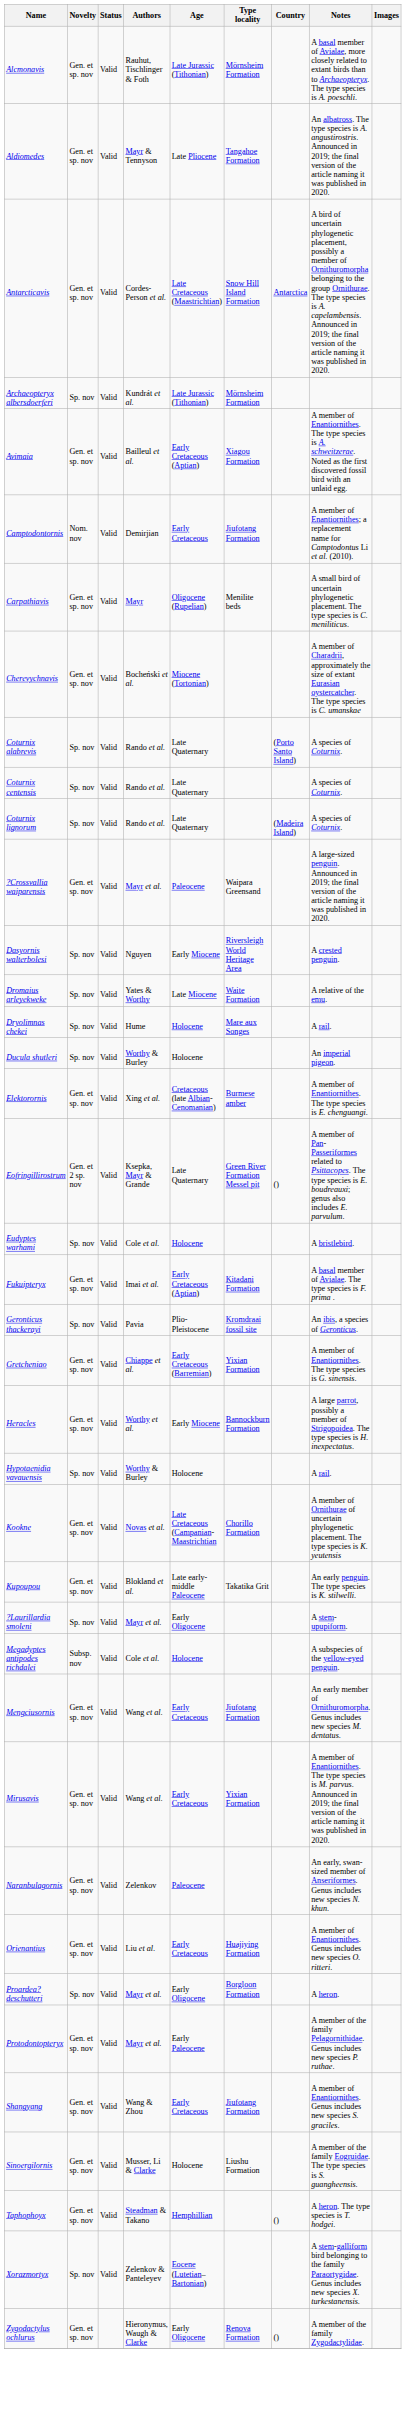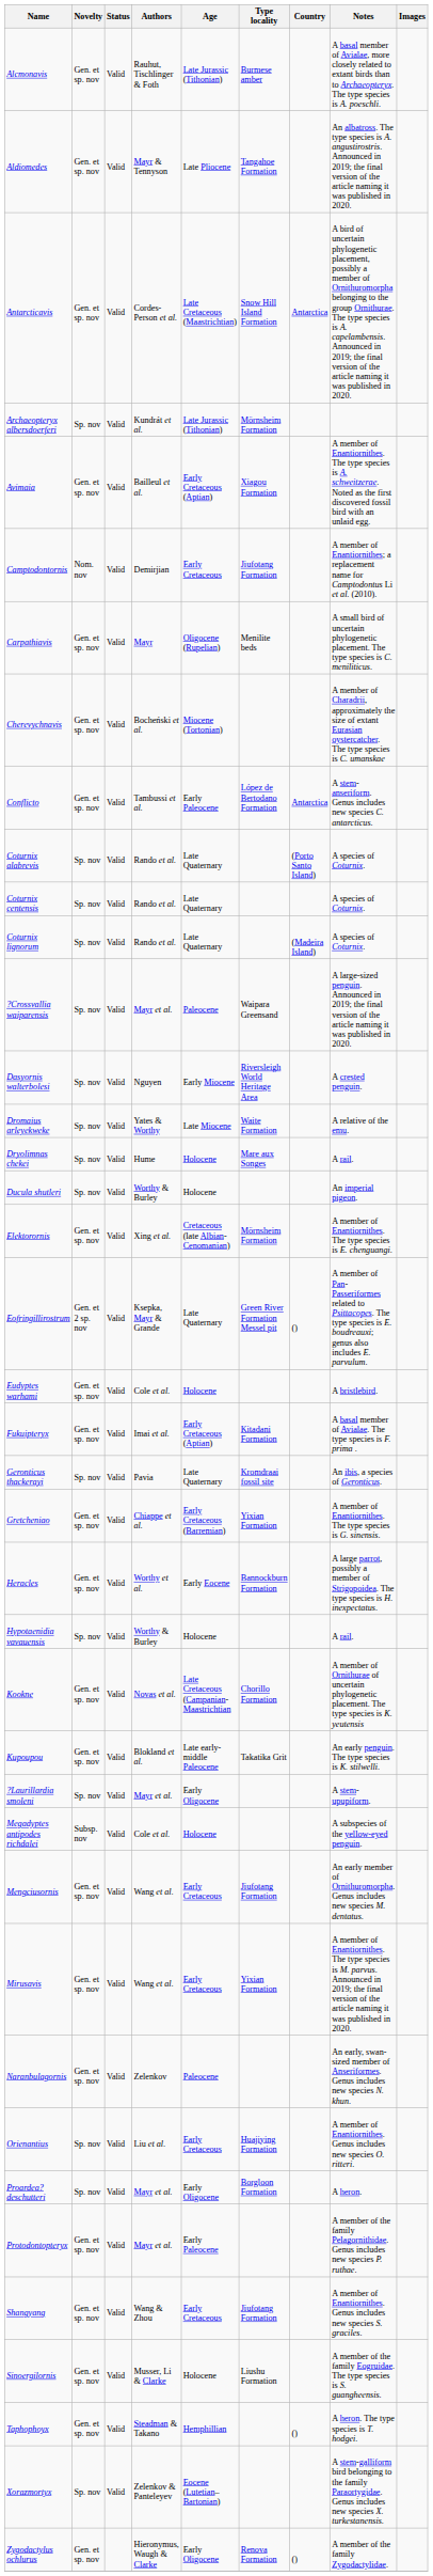 <table class="wikitable sortable" align="center" width="100%">
 <tr>
 <th>Name</th>
 <th>Novelty</th>
 <th>Status</th>
 <th>Authors</th>
 <th>Age</th>
 <th>Type locality</th>
 <th>Country</th>
 <th>Notes</th>
 <th>Images</th>
 </tr>
 <tr>
 <td><br><em><a href='#'>Alcmonavis</a></em></td>
 <td><br>Gen. et sp. nov</td>
 <td><br>Valid</td>
 <td><br>Rauhut, Tischlinger & Foth</td>
 <td><br><a href='#'>Late Jurassic</a> (<a href='#'>Tithonian</a>)</td>
-<td><br><a href='#'>Mörnsheim Formation</a></td>
+<td><br><a href='#'>Burmese amber</a></td>
 <td><br></td>
 <td><br>A <a href='#'>basal</a> member of <a href='#'>Avialae</a>, more closely related to extant birds than to <em><a href='#'>Archaeopteryx</a></em>. The type species is <em>A. poeschli</em>.</td>
 <td></td>
 </tr>
 <tr>
 <td><br><em><a href='#'>Aldiomedes</a></em></td>
 <td><br>Gen. et sp. nov</td>
 <td><br>Valid</td>
 <td><br><a href='#'>Mayr</a> & Tennyson</td>
 <td><br>Late <a href='#'>Pliocene</a></td>
 <td><br><a href='#'>Tangahoe Formation</a></td>
 <td><br></td>
 <td><br>An <a href='#'>albatross</a>. The type species is <em>A. angustirostris</em>. Announced in 2019; the final version of the article naming it was published in 2020.</td>
 <td></td>
 </tr>
 <tr>
 <td><br><em><a href='#'>Antarcticavis</a></em></td>
 <td><br>Gen. et sp. nov</td>
 <td><br>Valid</td>
 <td><br>Cordes-Person <em>et al.</em></td>
 <td><br><a href='#'>Late Cretaceous</a> (<a href='#'>Maastrichtian</a>)</td>
 <td><br><a href='#'>Snow Hill Island Formation</a></td>
 <td><br><a href='#'>Antarctica</a></td>
 <td><br>A bird of uncertain phylogenetic placement, possibly a member of <a href='#'>Ornithuromorpha</a> belonging to the group <a href='#'>Ornithurae</a>. The type species is <em>A. capelambensis</em>. Announced in 2019; the final version of the article naming it was published in 2020.</td>
 <td></td>
 </tr>
 <tr>
 <td><br><em><a href='#'>Archaeopteryx albersdoerferi</a></em></td>
 <td><br>Sp. nov</td>
 <td><br>Valid</td>
 <td><br>Kundrát <em>et al.</em></td>
 <td><br><a href='#'>Late Jurassic</a> (<a href='#'>Tithonian</a>)</td>
 <td><br><a href='#'>Mörnsheim Formation</a></td>
 <td><br></td>
 <td></td>
 <td></td>
 </tr>
 <tr>
 <td><br><em><a href='#'>Avimaia</a></em></td>
 <td><br>Gen. et sp. nov</td>
 <td><br>Valid</td>
 <td><br>Bailleul <em>et al.</em></td>
 <td><br><a href='#'>Early Cretaceous</a> (<a href='#'>Aptian</a>)</td>
 <td><br><a href='#'>Xiagou Formation</a></td>
 <td></td>
 <td>A member of <a href='#'>Enantiornithes</a>. The type species is <em><a href='#'>A. schweitzerae</a></em>. Noted as the first discovered fossil bird with an unlaid egg.</td>
 <td></td>
 </tr>
 <tr>
 <td><br><em><a href='#'>Camptodontornis</a></em></td>
 <td><br>Nom. nov</td>
 <td><br>Valid</td>
 <td><br>Demirjian</td>
 <td><br><a href='#'>Early Cretaceous</a></td>
 <td><br><a href='#'>Jiufotang Formation</a></td>
 <td><br></td>
 <td><br>A member of <a href='#'>Enantiornithes</a>; a replacement name for <em>Camptodontus</em> Li <em>et al.</em> (2010).</td>
 <td></td>
 </tr>
 <tr>
 <td><br><em><a href='#'>Carpathiavis</a></em></td>
 <td><br>Gen. et sp. nov</td>
 <td><br>Valid</td>
 <td><br><a href='#'>Mayr</a></td>
 <td><br><a href='#'>Oligocene</a> (<a href='#'>Rupelian</a>)</td>
 <td><br>Menilite beds</td>
 <td><br></td>
 <td><br>A small bird of uncertain phylogenetic placement. The type species is <em>C. meniliticus</em>.</td>
 <td></td>
 </tr>
 <tr>
 <td><br><em><a href='#'>Cherevychnavis</a></em></td>
 <td><br>Gen. et sp. nov</td>
 <td><br>Valid</td>
 <td><br>Bocheński <em>et al.</em></td>
 <td><br><a href='#'>Miocene</a> (<a href='#'>Tortonian</a>)</td>
 <td></td>
 <td><br></td>
 <td><br>A member of <a href='#'>Charadrii</a>, approximately the size of extant <a href='#'>Eurasian oystercatcher</a>. The type species is <em>C. umanskae</em></td>
 <td></td>
 </tr>
 <tr>
+<td><br><em><a href='#'>Conflicto</a></em></td>
+<td><br>Gen. et sp. nov</td>
+<td><br>Valid</td>
+<td><br>Tambussi <em>et al.</em></td>
+<td><br>Early <a href='#'>Paleocene</a></td>
+<td><a href='#'>López de Bertodano Formation</a></td>
+<td><br><a href='#'>Antarctica</a></td>
+<td><br>A <a href='#'>stem</a>-<a href='#'>anseriform</a>. Genus includes new species <em>C. antarcticus</em>.</td>
+<td></td>
+</tr>
+<tr>
 <td><br><em><a href='#'>Coturnix alabrevis</a></em></td>
 <td><br>Sp. nov</td>
 <td><br>Valid</td>
 <td><br>Rando <em>et al.</em></td>
 <td><br>Late Quaternary</td>
 <td></td>
 <td><br><br>(<a href='#'>Porto Santo Island</a>)</td>
 <td><br>A species of <em><a href='#'>Coturnix</a></em>.</td>
 <td></td>
 </tr>
 <tr>
 <td><br><em><a href='#'>Coturnix centensis</a></em></td>
 <td><br>Sp. nov</td>
 <td><br>Valid</td>
 <td><br>Rando <em>et al.</em></td>
 <td><br>Late Quaternary</td>
 <td></td>
 <td><br></td>
 <td><br>A species of <em><a href='#'>Coturnix</a></em>.</td>
 <td></td>
 </tr>
 <tr>
 <td><br><em><a href='#'>Coturnix lignorum</a></em></td>
 <td><br>Sp. nov</td>
 <td><br>Valid</td>
 <td><br>Rando <em>et al.</em></td>
 <td><br>Late Quaternary</td>
 <td></td>
 <td><br><br>(<a href='#'>Madeira Island</a>)</td>
 <td><br>A species of <em><a href='#'>Coturnix</a></em>.</td>
 <td></td>
 </tr>
 <tr>
 <td><br><em><a href='#'>?Crossvallia waiparensis</a></em></td>
-<td><br>Gen. et sp. nov</td>
+<td><br>Sp. nov</td>
 <td><br>Valid</td>
 <td><br><a href='#'>Mayr</a> <em>et al.</em></td>
 <td><br><a href='#'>Paleocene</a></td>
 <td><br>Waipara Greensand</td>
 <td><br></td>
 <td><br>A large-sized <a href='#'>penguin</a>. Announced in 2019; the final version of the article naming it was published in 2020.</td>
 <td></td>
 </tr>
 <tr>
 <td><br><em><a href='#'>Dasyornis walterbolesi</a></em></td>
 <td><br>Sp. nov</td>
 <td><br>Valid</td>
 <td><br>Nguyen</td>
 <td><br>Early <a href='#'>Miocene</a></td>
 <td><br><a href='#'>Riversleigh World Heritage Area</a></td>
 <td><br></td>
 <td><br>A <a href='#'>crested penguin</a>.</td>
 <td></td>
 </tr>
 <tr>
 <td><br><em><a href='#'>Dromaius arleyekweke</a></em></td>
 <td><br>Sp. nov</td>
 <td><br>Valid</td>
 <td><br>Yates & <a href='#'>Worthy</a></td>
 <td><br>Late <a href='#'>Miocene</a></td>
 <td><br><a href='#'>Waite Formation</a></td>
 <td><br></td>
 <td><br>A relative of the <a href='#'>emu</a>.</td>
 <td></td>
 </tr>
 <tr>
 <td><br><em><a href='#'>Dryolimnas chekei</a></em></td>
 <td><br>Sp. nov</td>
 <td><br>Valid</td>
 <td><br>Hume</td>
 <td><br><a href='#'>Holocene</a></td>
 <td><br><a href='#'>Mare aux Songes</a></td>
 <td><br></td>
 <td><br>A <a href='#'>rail</a>.</td>
 <td></td>
 </tr>
 <tr>
 <td><br><em><a href='#'>Ducula shutleri</a></em></td>
 <td><br>Sp. nov</td>
 <td><br>Valid</td>
 <td><br><a href='#'>Worthy</a> & Burley</td>
 <td><br>Holocene</td>
 <td></td>
 <td><br></td>
 <td><br>An <a href='#'>imperial pigeon</a>.</td>
 <td></td>
 </tr>
 <tr>
 <td><br><em><a href='#'>Elektorornis</a></em></td>
 <td><br>Gen. et sp. nov</td>
 <td><br>Valid</td>
 <td><br>Xing <em>et al.</em></td>
 <td><br><a href='#'>Cretaceous</a> (late <a href='#'>Albian</a>-<a href='#'>Cenomanian</a>)</td>
-<td><br><a href='#'>Burmese amber</a></td>
+<td><br><a href='#'>Mörnsheim Formation</a></td>
 <td><br></td>
 <td><br>A member of <a href='#'>Enantiornithes</a>. The type species is <em>E. chenguangi</em>.</td>
 <td></td>
 </tr>
 <tr>
 <td><br><em><a href='#'>Eofringillirostrum</a></em></td>
 <td><br>Gen. et 2 sp. nov</td>
 <td><br>Valid</td>
 <td><br>Ksepka, <a href='#'>Mayr</a> & Grande</td>
 <td><br>Late Quaternary</td>
 <td><br><a href='#'>Green River Formation</a><br> <a href='#'>Messel pit</a></td>
 <td><br><br> <br>()</td>
 <td><br>A member of <a href='#'>Pan</a>-<a href='#'>Passeriformes</a> related to <em><a href='#'>Psittacopes</a></em>. The type species is <em>E. boudreauxi</em>; genus also includes <em>E. parvulum</em>.</td>
 <td></td>
 </tr>
 <tr>
 <td><br><em><a href='#'>Eudyptes warhami</a></em></td>
-<td><br>Sp. nov</td>
+<td><br>Gen. et sp. nov</td>
 <td><br>Valid</td>
 <td><br>Cole <em>et al.</em></td>
 <td><br><a href='#'>Holocene</a></td>
 <td></td>
 <td><br></td>
 <td><br>A <a href='#'>bristlebird</a>.</td>
 <td></td>
 </tr>
 <tr>
 <td><br><em><a href='#'>Fukuipteryx</a></em></td>
 <td><br>Gen. et sp. nov</td>
 <td><br>Valid</td>
 <td><br>Imai <em>et al.</em></td>
 <td><br><a href='#'>Early Cretaceous</a> (<a href='#'>Aptian</a>)</td>
 <td><br><a href='#'>Kitadani Formation</a></td>
 <td><br></td>
 <td><br>A <a href='#'>basal</a> member of <a href='#'>Avialae</a>. The type species is <em>F. prima </em>.</td>
 <td></td>
 </tr>
 <tr>
 <td><br><em><a href='#'>Geronticus thackerayi</a></em></td>
 <td><br>Sp. nov</td>
 <td><br>Valid</td>
 <td><br>Pavia</td>
-<td><br>Plio-Pleistocene</td>
+<td><br>Late Quaternary</td>
 <td><br><a href='#'>Kromdraai fossil site</a></td>
 <td><br></td>
 <td><br>An <a href='#'>ibis</a>, a species of <em><a href='#'>Geronticus</a></em>.</td>
 <td></td>
 </tr>
 <tr>
 <td><br><em><a href='#'>Gretcheniao</a></em></td>
 <td><br>Gen. et sp. nov</td>
 <td><br>Valid</td>
 <td><br><a href='#'>Chiappe</a> <em>et al.</em></td>
 <td><br><a href='#'>Early Cretaceous</a> (<a href='#'>Barremian</a>)</td>
 <td><br><a href='#'>Yixian Formation</a></td>
 <td><br></td>
 <td><br>A member of <a href='#'>Enantiornithes</a>. The type species is <em>G. sinensis</em>.</td>
 <td></td>
 </tr>
 <tr>
 <td><br><em><a href='#'>Heracles</a></em></td>
 <td><br>Gen. et sp. nov</td>
 <td><br>Valid</td>
 <td><br><a href='#'>Worthy</a> <em>et al.</em></td>
-<td><br>Early <a href='#'>Miocene</a></td>
+<td><br>Early <a href='#'>Eocene</a></td>
 <td><br><a href='#'>Bannockburn Formation</a></td>
 <td><br></td>
 <td><br>A large <a href='#'>parrot</a>, possibly a member of <a href='#'>Strigopoidea</a>. The type species is <em>H. inexpectatus</em>.</td>
 <td></td>
 </tr>
 <tr>
 <td><br><em><a href='#'>Hypotaenidia vavauensis</a></em></td>
 <td><br>Sp. nov</td>
 <td><br>Valid</td>
 <td><br><a href='#'>Worthy</a> & Burley</td>
 <td><br>Holocene</td>
 <td></td>
 <td><br></td>
 <td><br>A <a href='#'>rail</a>.</td>
 <td></td>
 </tr>
 <tr>
 <td><br><em><a href='#'>Kookne</a></em></td>
 <td><br>Gen. et sp. nov</td>
 <td><br>Valid</td>
 <td><br><a href='#'>Novas</a> <em>et al.</em></td>
 <td><br><a href='#'>Late Cretaceous</a> (<a href='#'>Campanian</a>-<a href='#'>Maastrichtian</a></td>
 <td><br><a href='#'>Chorillo Formation</a></td>
 <td><br></td>
 <td><br>A member of <a href='#'>Ornithurae</a> of uncertain phylogenetic placement. The type species is <em>K. yeutensis</em></td>
 <td></td>
 </tr>
 <tr>
 <td><br><em><a href='#'>Kupoupou</a></em></td>
 <td><br>Gen. et sp. nov</td>
 <td><br>Valid</td>
 <td><br>Blokland <em>et al.</em></td>
 <td><br>Late early-middle <a href='#'>Paleocene</a></td>
 <td><br>Takatika Grit</td>
 <td><br></td>
 <td><br>An early <a href='#'>penguin</a>. The type species is <em>K. stilwelli</em>.</td>
 <td></td>
 </tr>
 <tr>
 <td><br><em><a href='#'>?Laurillardia smoleni</a></em></td>
 <td><br>Sp. nov</td>
 <td><br>Valid</td>
 <td><br><a href='#'>Mayr</a> <em>et al.</em></td>
 <td><br>Early <a href='#'>Oligocene</a></td>
 <td></td>
 <td><br></td>
 <td><br>A <a href='#'>stem</a>-<a href='#'>upupiform</a>.</td>
 <td></td>
 </tr>
 <tr>
 <td><br><em><a href='#'>Megadyptes antipodes richdalei</a></em></td>
 <td><br>Subsp. nov</td>
 <td><br>Valid</td>
 <td><br>Cole <em>et al.</em></td>
 <td><br><a href='#'>Holocene</a></td>
 <td></td>
 <td><br></td>
 <td><br>A subspecies of the <a href='#'>yellow-eyed penguin</a>.</td>
 <td></td>
 </tr>
 <tr>
 <td><br><em><a href='#'>Mengciusornis</a></em></td>
 <td><br>Gen. et sp. nov</td>
 <td><br>Valid</td>
 <td><br>Wang <em>et al.</em></td>
 <td><br><a href='#'>Early Cretaceous</a></td>
 <td><br><a href='#'>Jiufotang Formation</a></td>
 <td><br></td>
 <td><br>An early member of <a href='#'>Ornithuromorpha</a>. Genus includes new species <em>M. dentatus</em>.</td>
 <td></td>
 </tr>
 <tr>
 <td><br><em><a href='#'>Mirusavis</a></em></td>
 <td><br>Gen. et sp. nov</td>
 <td><br>Valid</td>
 <td><br>Wang <em>et al.</em></td>
 <td><br><a href='#'>Early Cretaceous</a></td>
 <td><br><a href='#'>Yixian Formation</a></td>
 <td><br></td>
 <td><br>A member of <a href='#'>Enantiornithes</a>. The type species is <em>M. parvus</em>. Announced in 2019; the final version of the article naming it was published in 2020.</td>
 <td></td>
 </tr>
 <tr>
 <td><br><em><a href='#'>Naranbulagornis</a></em></td>
 <td><br>Gen. et sp. nov</td>
 <td><br>Valid</td>
 <td><br>Zelenkov</td>
 <td><br><a href='#'>Paleocene</a></td>
 <td></td>
 <td><br></td>
 <td><br>An early, swan-sized member of <a href='#'>Anseriformes</a>. Genus includes new species <em>N. khun</em>.</td>
 <td></td>
 </tr>
 <tr>
 <td><br><em><a href='#'>Orienantius</a></em></td>
-<td><br>Gen. et sp. nov</td>
+<td><br>Sp. nov</td>
 <td><br>Valid</td>
 <td><br>Liu <em>et al.</em></td>
 <td><br><a href='#'>Early Cretaceous</a></td>
 <td><br><a href='#'>Huajiying Formation</a></td>
 <td><br></td>
 <td><br>A member of <a href='#'>Enantiornithes</a>. Genus includes new species <em>O. ritteri</em>.</td>
 <td></td>
 </tr>
 <tr>
 <td><br><em><a href='#'>Proardea? deschutteri</a></em></td>
 <td><br>Sp. nov</td>
 <td><br>Valid</td>
 <td><br><a href='#'>Mayr</a> <em>et al.</em></td>
 <td><br>Early <a href='#'>Oligocene</a></td>
 <td><a href='#'>Borgloon Formation</a></td>
 <td><br></td>
 <td><br>A <a href='#'>heron</a>.</td>
 <td></td>
 </tr>
 <tr>
 <td><br><em><a href='#'>Protodontopteryx</a></em></td>
 <td><br>Gen. et sp. nov</td>
 <td><br>Valid</td>
 <td><br><a href='#'>Mayr</a> <em>et al.</em></td>
 <td><br>Early <a href='#'>Paleocene</a></td>
 <td></td>
 <td><br></td>
 <td><br>A member of the family <a href='#'>Pelagornithidae</a>. Genus includes new species <em>P. ruthae</em>.</td>
 <td></td>
 </tr>
 <tr>
 <td><br><em><a href='#'>Shangyang</a></em></td>
 <td><br>Gen. et sp. nov</td>
 <td><br>Valid</td>
 <td><br>Wang & Zhou</td>
 <td><br><a href='#'>Early Cretaceous</a></td>
 <td><br><a href='#'>Jiufotang Formation</a></td>
 <td><br></td>
 <td><br>A member of <a href='#'>Enantiornithes</a>. Genus includes new species <em>S. graciles</em>.</td>
 <td></td>
 </tr>
 <tr>
 <td><br><em><a href='#'>Sinoergilornis</a></em></td>
 <td><br>Gen. et sp. nov</td>
 <td><br>Valid</td>
 <td><br>Musser, Li & <a href='#'>Clarke</a></td>
 <td><br>Holocene</td>
 <td><br>Liushu Formation</td>
 <td><br></td>
 <td><br>A member of the family <a href='#'>Eogruidae</a>. The type species is <em>S. guangheensis</em>.</td>
 <td></td>
 </tr>
 <tr>
 <td><br><em><a href='#'>Taphophoyx</a></em></td>
 <td><br>Gen. et sp. nov</td>
 <td><br>Valid</td>
 <td><br><a href='#'>Steadman</a> & Takano</td>
 <td><br><a href='#'>Hemphillian</a></td>
 <td></td>
 <td><br><br>()</td>
 <td><br>A <a href='#'>heron</a>. The type species is <em>T. hodgei</em>.</td>
 <td></td>
 </tr>
 <tr>
 <td><br><em><a href='#'>Xorazmortyx</a></em></td>
 <td><br>Sp. nov</td>
 <td><br>Valid</td>
 <td><br>Zelenkov & Panteleyev</td>
 <td><br><a href='#'>Eocene</a> (<a href='#'>Lutetian</a>–<a href='#'>Bartonian</a>)</td>
 <td></td>
 <td><br></td>
 <td><br>A <a href='#'>stem</a>-<a href='#'>galliform</a> bird belonging to the family <a href='#'>Paraortygidae</a>. Genus includes new species <em>X. turkestanensis</em>.</td>
 <td></td>
 </tr>
 <tr>
 <td><br><em><a href='#'>Zygodactylus ochlurus</a></em></td>
 <td><br>Gen. et sp. nov</td>
 <td></td>
 <td><br>Hieronymus, Waugh & <a href='#'>Clarke</a></td>
 <td><br>Early <a href='#'>Oligocene</a></td>
 <td><br><a href='#'>Renova Formation</a></td>
 <td><br><br>()</td>
 <td><br>A member of the family <a href='#'>Zygodactylidae</a>.</td>
 <td></td>
 </tr>
 <tr>
 </tr>
 </table>
